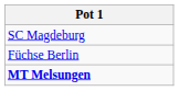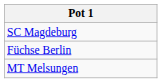 <table class="wikitable">
 <tr>
 <th width=205>Pot 1</th>
 </tr>
 <tr>
 <td> <a href='#'>SC Magdeburg</a></td>
 </tr>
 <tr>
 <td> <a href='#'>Füchse Berlin</a></td>
 </tr>
 <tr>
-<td><strong> <a href='#'>MT Melsungen</a></strong></td>
+<td> <a href='#'>MT Melsungen</a></td>
 </tr>
 </table>
